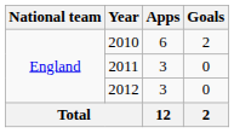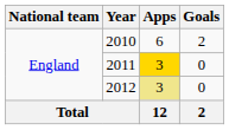 <table class=wikitable style="text-align: center;">
 <tr>
 <th>National team</th>
 <th>Year</th>
 <th>Apps</th>
 <th>Goals</th>
 </tr>
 <tr>
 <td rowspan="3"><a href='#'>England</a></td>
 <td>2010</td>
 <td>6</td>
 <td>2</td>
 </tr>
 <tr>
 <td>2011</td>
-<td>3</td>
+<td style="background: gold;">3</td>
 <td>0</td>
 </tr>
 <tr>
 <td>2012</td>
-<td>3</td>
+<td style="background: khaki;">3</td>
 <td>0</td>
 </tr>
 <tr>
 <th colspan="2">Total</th>
 <th>12</th>
 <th>2</th>
 </tr>
 </table>
